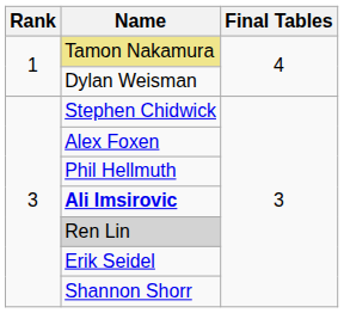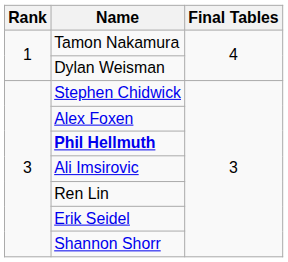 <table class="wikitable" style="display: inline-table;">
 <tr>
 <th>Rank</th>
 <th>Name</th>
 <th>Final Tables</th>
 </tr>
 <tr>
 <td rowspan=2 align=center>1</td>
-<td style="background: khaki;"> Tamon Nakamura</td>
+<td> Tamon Nakamura</td>
 <td rowspan=2 align=center>4</td>
 </tr>
 <tr>
 <td> Dylan Weisman</td>
 </tr>
 <tr>
 <td rowspan=7 align=center>3</td>
 <td> <a href='#'>Stephen Chidwick</a></td>
 <td rowspan=7 align=center>3</td>
 </tr>
 <tr>
 <td> <a href='#'>Alex Foxen</a></td>
 </tr>
 <tr>
-<td> <a href='#'>Phil Hellmuth</a></td>
+<td><strong> <a href='#'>Phil Hellmuth</a></strong></td>
 </tr>
 <tr>
-<td><strong> <a href='#'>Ali Imsirovic</a></strong></td>
+<td> <a href='#'>Ali Imsirovic</a></td>
 </tr>
 <tr>
-<td style="background: lightgrey;"> Ren Lin</td>
+<td> Ren Lin</td>
 </tr>
 <tr>
 <td> <a href='#'>Erik Seidel</a></td>
 </tr>
 <tr>
 <td> <a href='#'>Shannon Shorr</a></td>
 </tr>
 </table>
